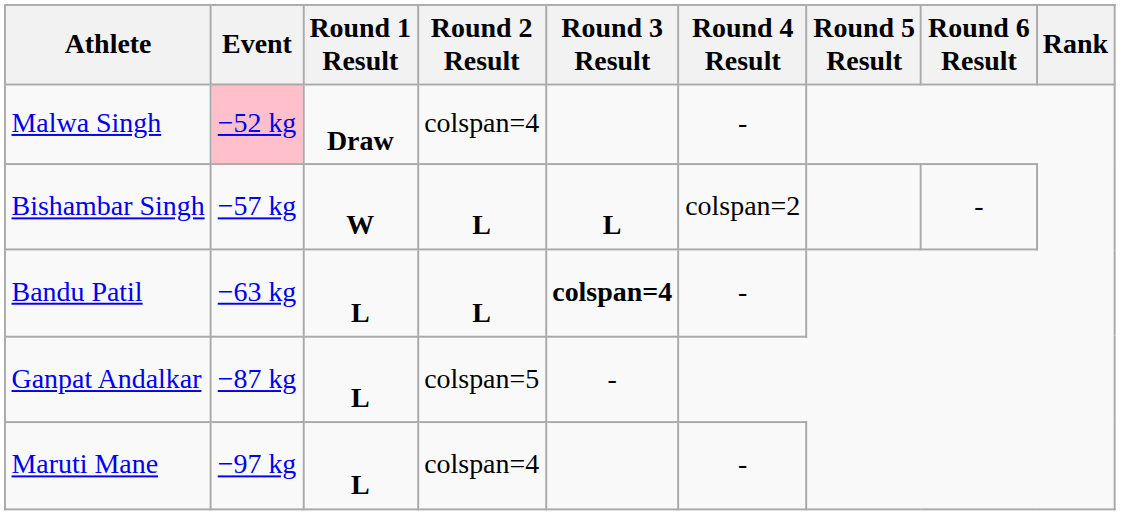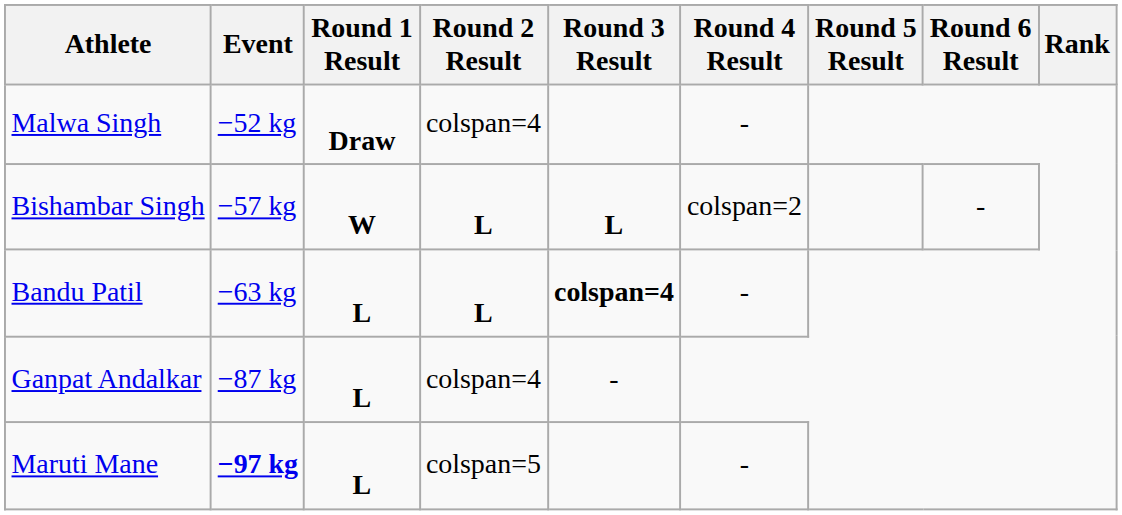 <table class="wikitable" style="font-size:90%">
 <tr>
 <th>Athlete</th>
 <th>Event</th>
 <th>Round 1<br>Result</th>
 <th>Round 2<br>Result</th>
 <th>Round 3<br>Result</th>
 <th>Round 4<br>Result</th>
 <th>Round 5<br>Result</th>
 <th>Round 6<br>Result</th>
 <th>Rank</th>
 </tr>
 <tr align=center>
 <td align=left><a href='#'>Malwa Singh</a></td>
-<td align=left style="background: pink;"><a href='#'>−52 kg</a></td>
+<td align=left><a href='#'>−52 kg</a></td>
 <td><br><strong>Draw</strong></td>
 <td>colspan=4 </td>
 <td></td>
 <td>-</td>
 </tr>
 <tr align=center>
 <td align=left><a href='#'>Bishambar Singh</a></td>
 <td align=left><a href='#'>−57 kg</a></td>
 <td><br><strong>W</strong> <sup></sup></td>
 <td><br><strong>L</strong> <sup></sup></td>
 <td><br><strong>L</strong> <sup></sup></td>
 <td>colspan=2 </td>
 <td></td>
 <td>-</td>
 </tr>
 <tr align=center>
 <td align=left><a href='#'>Bandu Patil</a></td>
 <td align=left><a href='#'>−63 kg</a></td>
 <td><br><strong>L</strong> <sup></sup></td>
 <td><br><strong>L</strong> <sup></sup></td>
 <td><strong>colspan=4 </strong></td>
 <td>-</td>
 </tr>
 <tr align=center>
 <td align=left><a href='#'>Ganpat Andalkar</a></td>
 <td align=left><a href='#'>−87 kg</a></td>
 <td><br><strong>L</strong> <sup></sup></td>
-<td>colspan=5 </td>
+<td>colspan=4 </td>
 <td>-</td>
 </tr>
 <tr align=center>
 <td align=left><a href='#'>Maruti Mane</a></td>
-<td align=left><a href='#'>−97 kg</a></td>
+<td align=left><strong><a href='#'>−97 kg</a></strong></td>
 <td><br><strong>L</strong> <sup></sup></td>
-<td>colspan=4 </td>
+<td>colspan=5 </td>
 <td></td>
 <td>-</td>
 </tr>
 </table>
